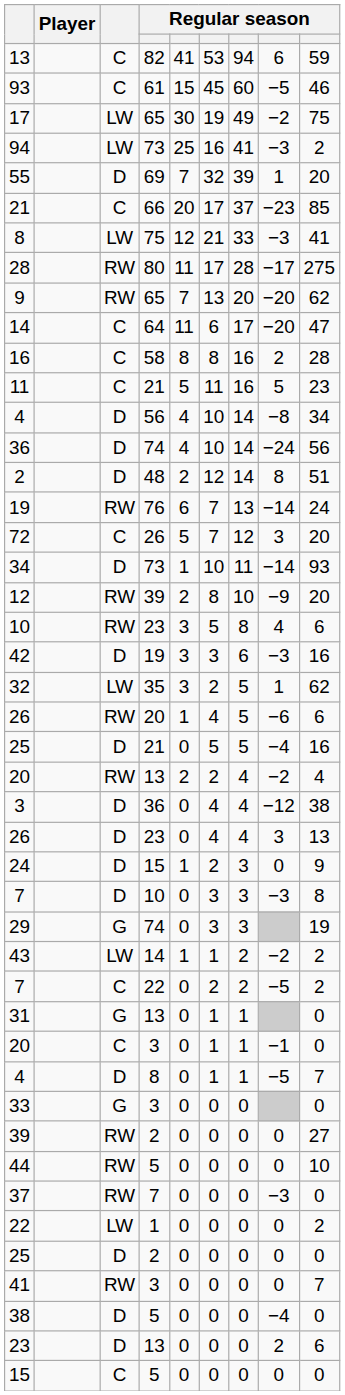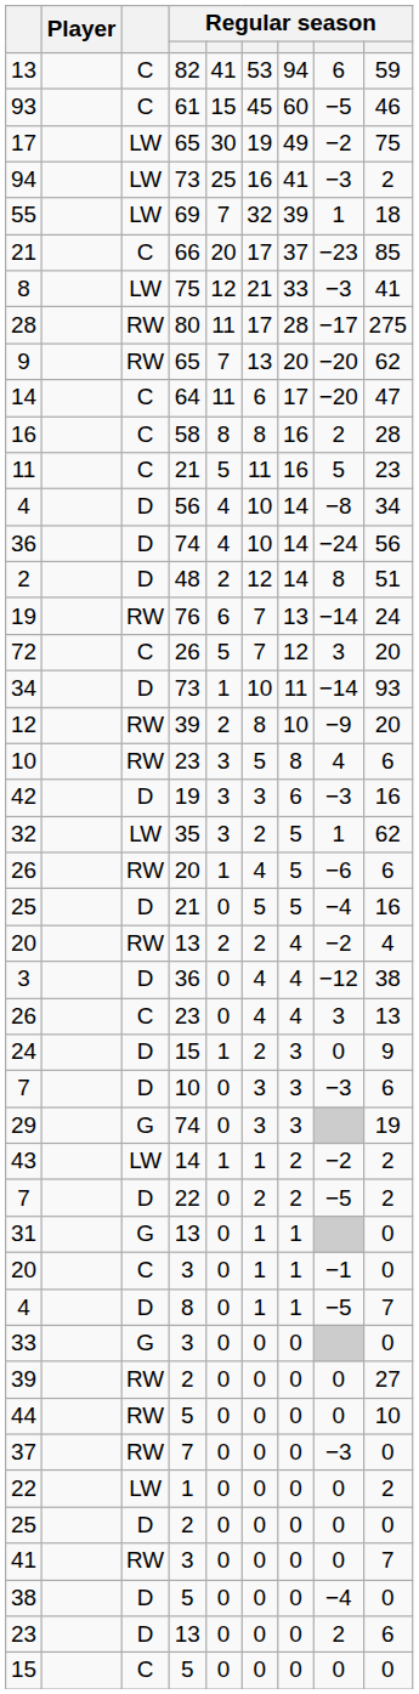 <table class="wikitable sortable plainrowheaders" style="text-align:center;">
 <tr>
 <th scope="col" data-sort-type="number" rowspan="2"></th>
 <th scope="col" rowspan="2">Player</th>
 <th scope="col" rowspan="2"></th>
 <th scope=colgroup colspan=6>Regular season</th>
 </tr>
 <tr>
 <th scope="col" data-sort-type="number"></th>
 <th scope="col" data-sort-type="number"></th>
 <th scope="col" data-sort-type="number"></th>
 <th scope="col" data-sort-type="number"></th>
 <th scope="col" data-sort-type="number"></th>
 <th scope="col" data-sort-type="number"></th>
 </tr>
 <tr>
 <td scope="row">13</td>
 <td align="left"></td>
 <td>C</td>
 <td>82</td>
 <td>41</td>
 <td>53</td>
 <td>94</td>
 <td>6</td>
 <td>59</td>
 </tr>
 <tr>
 <td scope="row">93</td>
 <td align="left"></td>
 <td>C</td>
 <td>61</td>
 <td>15</td>
 <td>45</td>
 <td>60</td>
 <td>−5</td>
 <td>46</td>
 </tr>
 <tr>
 <td scope="row">17</td>
 <td align="left"></td>
 <td>LW</td>
 <td>65</td>
 <td>30</td>
 <td>19</td>
 <td>49</td>
 <td>−2</td>
 <td>75</td>
 </tr>
 <tr>
 <td scope="row">94</td>
 <td align="left"></td>
 <td>LW</td>
 <td>73</td>
 <td>25</td>
 <td>16</td>
 <td>41</td>
 <td>−3</td>
 <td>2</td>
 </tr>
 <tr>
 <td scope="row">55</td>
 <td align="left"></td>
-<td>D</td>
+<td>LW</td>
 <td>69</td>
 <td>7</td>
 <td>32</td>
 <td>39</td>
 <td>1</td>
-<td>20</td>
+<td>18</td>
 </tr>
 <tr>
 <td scope="row">21</td>
 <td align="left"></td>
 <td>C</td>
 <td>66</td>
 <td>20</td>
 <td>17</td>
 <td>37</td>
 <td>−23</td>
 <td>85</td>
 </tr>
 <tr>
 <td scope="row">8</td>
 <td align="left"></td>
 <td>LW</td>
 <td>75</td>
 <td>12</td>
 <td>21</td>
 <td>33</td>
 <td>−3</td>
 <td>41</td>
 </tr>
 <tr>
 <td scope="row">28</td>
 <td align="left"></td>
 <td>RW</td>
 <td>80</td>
 <td>11</td>
 <td>17</td>
 <td>28</td>
 <td>−17</td>
 <td>275</td>
 </tr>
 <tr>
 <td scope="row">9</td>
 <td align="left"></td>
 <td>RW</td>
 <td>65</td>
 <td>7</td>
 <td>13</td>
 <td>20</td>
 <td>−20</td>
 <td>62</td>
 </tr>
 <tr>
 <td scope="row">14</td>
 <td align="left"></td>
 <td>C</td>
 <td>64</td>
 <td>11</td>
 <td>6</td>
 <td>17</td>
 <td>−20</td>
 <td>47</td>
 </tr>
 <tr>
 <td scope="row">16</td>
 <td align="left"></td>
 <td>C</td>
 <td>58</td>
 <td>8</td>
 <td>8</td>
 <td>16</td>
 <td>2</td>
 <td>28</td>
 </tr>
 <tr>
 <td scope="row">11</td>
 <td align="left"></td>
 <td>C</td>
 <td>21</td>
 <td>5</td>
 <td>11</td>
 <td>16</td>
 <td>5</td>
 <td>23</td>
 </tr>
 <tr>
 <td scope="row">4</td>
 <td align="left"></td>
 <td>D</td>
 <td>56</td>
 <td>4</td>
 <td>10</td>
 <td>14</td>
 <td>−8</td>
 <td>34</td>
 </tr>
 <tr>
 <td scope="row">36</td>
 <td align="left"></td>
 <td>D</td>
 <td>74</td>
 <td>4</td>
 <td>10</td>
 <td>14</td>
 <td>−24</td>
 <td>56</td>
 </tr>
 <tr>
 <td scope="row">2</td>
 <td align="left"></td>
 <td>D</td>
 <td>48</td>
 <td>2</td>
 <td>12</td>
 <td>14</td>
 <td>8</td>
 <td>51</td>
 </tr>
 <tr>
 <td scope="row">19</td>
 <td align="left"></td>
 <td>RW</td>
 <td>76</td>
 <td>6</td>
 <td>7</td>
 <td>13</td>
 <td>−14</td>
 <td>24</td>
 </tr>
 <tr>
 <td scope="row">72</td>
 <td align="left"></td>
 <td>C</td>
 <td>26</td>
 <td>5</td>
 <td>7</td>
 <td>12</td>
 <td>3</td>
 <td>20</td>
 </tr>
 <tr>
 <td scope="row">34</td>
 <td align="left"></td>
 <td>D</td>
 <td>73</td>
 <td>1</td>
 <td>10</td>
 <td>11</td>
 <td>−14</td>
 <td>93</td>
 </tr>
 <tr>
 <td scope="row">12</td>
 <td align="left"></td>
 <td>RW</td>
 <td>39</td>
 <td>2</td>
 <td>8</td>
 <td>10</td>
 <td>−9</td>
 <td>20</td>
 </tr>
 <tr>
 <td scope="row">10</td>
 <td align="left"></td>
 <td>RW</td>
 <td>23</td>
 <td>3</td>
 <td>5</td>
 <td>8</td>
 <td>4</td>
 <td>6</td>
 </tr>
 <tr>
 <td scope="row">42</td>
 <td align="left"></td>
 <td>D</td>
 <td>19</td>
 <td>3</td>
 <td>3</td>
 <td>6</td>
 <td>−3</td>
 <td>16</td>
 </tr>
 <tr>
 <td scope="row">32</td>
 <td align="left"></td>
 <td>LW</td>
 <td>35</td>
 <td>3</td>
 <td>2</td>
 <td>5</td>
 <td>1</td>
 <td>62</td>
 </tr>
 <tr>
 <td scope="row">26</td>
 <td align="left"></td>
 <td>RW</td>
 <td>20</td>
 <td>1</td>
 <td>4</td>
 <td>5</td>
 <td>−6</td>
 <td>6</td>
 </tr>
 <tr>
 <td scope="row">25</td>
 <td align="left"></td>
 <td>D</td>
 <td>21</td>
 <td>0</td>
 <td>5</td>
 <td>5</td>
 <td>−4</td>
 <td>16</td>
 </tr>
 <tr>
 <td scope="row">20</td>
 <td align="left"></td>
 <td>RW</td>
 <td>13</td>
 <td>2</td>
 <td>2</td>
 <td>4</td>
 <td>−2</td>
 <td>4</td>
 </tr>
 <tr>
 <td scope="row">3</td>
 <td align="left"></td>
 <td>D</td>
 <td>36</td>
 <td>0</td>
 <td>4</td>
 <td>4</td>
 <td>−12</td>
 <td>38</td>
 </tr>
 <tr>
 <td scope="row">26</td>
 <td align="left"></td>
-<td>D</td>
+<td>C</td>
 <td>23</td>
 <td>0</td>
 <td>4</td>
 <td>4</td>
 <td>3</td>
 <td>13</td>
 </tr>
 <tr>
 <td scope="row">24</td>
 <td align="left"></td>
 <td>D</td>
 <td>15</td>
 <td>1</td>
 <td>2</td>
 <td>3</td>
 <td>0</td>
 <td>9</td>
 </tr>
 <tr>
 <td scope="row">7</td>
 <td align="left"></td>
 <td>D</td>
 <td>10</td>
 <td>0</td>
 <td>3</td>
 <td>3</td>
 <td>−3</td>
-<td>8</td>
+<td>6</td>
 </tr>
 <tr>
 <td scope="row">29</td>
 <td align="left"></td>
 <td>G</td>
 <td>74</td>
 <td>0</td>
 <td>3</td>
 <td>3</td>
 <td style="background:#ccc"></td>
 <td>19</td>
 </tr>
 <tr>
 <td scope="row">43</td>
 <td align="left"></td>
 <td>LW</td>
 <td>14</td>
 <td>1</td>
 <td>1</td>
 <td>2</td>
 <td>−2</td>
 <td>2</td>
 </tr>
 <tr>
 <td scope="row">7</td>
 <td align="left"></td>
-<td>C</td>
+<td>D</td>
 <td>22</td>
 <td>0</td>
 <td>2</td>
 <td>2</td>
 <td>−5</td>
 <td>2</td>
 </tr>
 <tr>
 <td scope="row">31</td>
 <td align="left"></td>
 <td>G</td>
 <td>13</td>
 <td>0</td>
 <td>1</td>
 <td>1</td>
 <td style="background:#ccc"></td>
 <td>0</td>
 </tr>
 <tr>
 <td scope="row">20</td>
 <td align="left"></td>
 <td>C</td>
 <td>3</td>
 <td>0</td>
 <td>1</td>
 <td>1</td>
 <td>−1</td>
 <td>0</td>
 </tr>
 <tr>
 <td scope="row">4</td>
 <td align="left"></td>
 <td>D</td>
 <td>8</td>
 <td>0</td>
 <td>1</td>
 <td>1</td>
 <td>−5</td>
 <td>7</td>
 </tr>
 <tr>
 <td scope="row">33</td>
 <td align="left"></td>
 <td>G</td>
 <td>3</td>
 <td>0</td>
 <td>0</td>
 <td>0</td>
 <td style="background:#ccc"></td>
 <td>0</td>
 </tr>
 <tr>
 <td scope="row">39</td>
 <td align="left"></td>
 <td>RW</td>
 <td>2</td>
 <td>0</td>
 <td>0</td>
 <td>0</td>
 <td>0</td>
 <td>27</td>
 </tr>
 <tr>
 <td scope="row">44</td>
 <td align="left"></td>
 <td>RW</td>
 <td>5</td>
 <td>0</td>
 <td>0</td>
 <td>0</td>
 <td>0</td>
 <td>10</td>
 </tr>
 <tr>
 <td scope="row">37</td>
 <td align="left"></td>
 <td>RW</td>
 <td>7</td>
 <td>0</td>
 <td>0</td>
 <td>0</td>
 <td>−3</td>
 <td>0</td>
 </tr>
 <tr>
 <td scope="row">22</td>
 <td align="left"></td>
 <td>LW</td>
 <td>1</td>
 <td>0</td>
 <td>0</td>
 <td>0</td>
 <td>0</td>
 <td>2</td>
 </tr>
 <tr>
 <td scope="row">25</td>
 <td align="left"></td>
 <td>D</td>
 <td>2</td>
 <td>0</td>
 <td>0</td>
 <td>0</td>
 <td>0</td>
 <td>0</td>
 </tr>
 <tr>
 <td scope="row">41</td>
 <td align="left"></td>
 <td>RW</td>
 <td>3</td>
 <td>0</td>
 <td>0</td>
 <td>0</td>
 <td>0</td>
 <td>7</td>
 </tr>
 <tr>
 <td scope="row">38</td>
 <td align="left"></td>
 <td>D</td>
 <td>5</td>
 <td>0</td>
 <td>0</td>
 <td>0</td>
 <td>−4</td>
 <td>0</td>
 </tr>
 <tr>
 <td scope="row">23</td>
 <td align="left"></td>
 <td>D</td>
 <td>13</td>
 <td>0</td>
 <td>0</td>
 <td>0</td>
 <td>2</td>
 <td>6</td>
 </tr>
 <tr>
 <td scope="row">15</td>
 <td align="left"></td>
 <td>C</td>
 <td>5</td>
 <td>0</td>
 <td>0</td>
 <td>0</td>
 <td>0</td>
 <td>0</td>
 </tr>
 </table>
